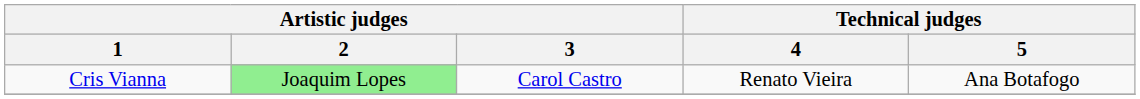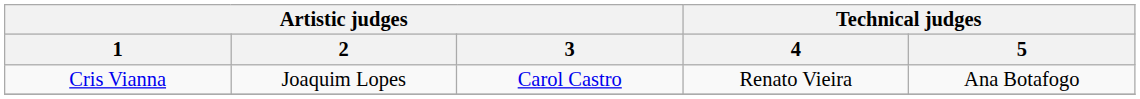 <table class="wikitable" style="font-size:100%; line-height:16px; text-align:center" width="100%">
 <tr>
 <th colspan=3>Artistic judges</th>
 <th colspan=2>Technical judges</th>
 </tr>
 <tr>
 <th width="20.0%">1</th>
 <th width="20.0%">2</th>
 <th width="20.0%">3</th>
 <th width="20.0%">4</th>
 <th width="20.0%">5</th>
 </tr>
 <tr>
 <td><a href='#'>Cris Vianna</a></td>
-<td style="background: lightgreen;">Joaquim Lopes</td>
+<td>Joaquim Lopes</td>
 <td><a href='#'>Carol Castro</a></td>
 <td>Renato Vieira</td>
 <td>Ana Botafogo</td>
 </tr>
 <tr>
 </tr>
 </table>
